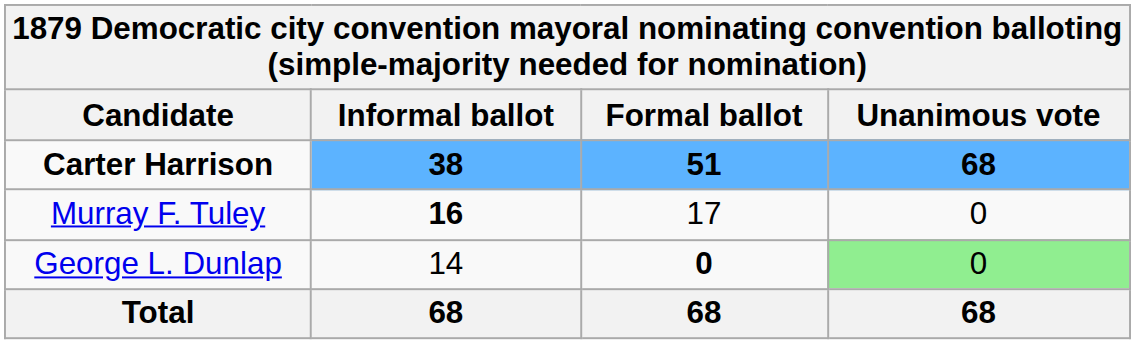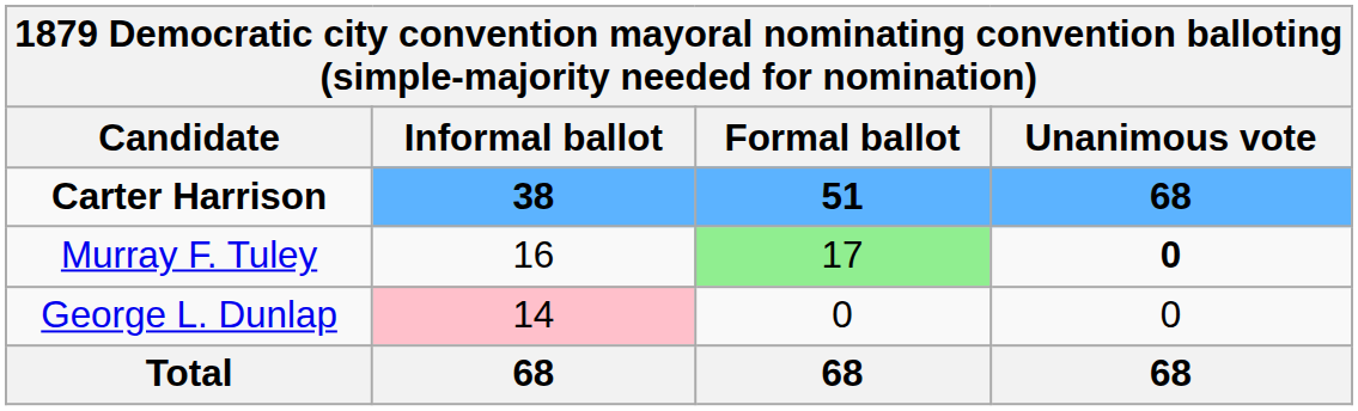 <table class="wikitable sortable" style="text-align:center">
 <tr>
 <th colspan="8"><strong>1879 Democratic city convention mayoral nominating convention balloting<br>(simple-majority needed for nomination)</strong></th>
 </tr>
 <tr>
 <th>Candidate</th>
 <th>Informal ballot</th>
 <th>Formal ballot</th>
 <th>Unanimous vote</th>
 </tr>
 <tr>
 <td><strong>Carter Harrison</strong></td>
 <td style="background:#5cb3ff"><strong>38</strong></td>
 <td style="background:#5cb3ff"><strong>51</strong></td>
 <td style="background:#5cb3ff"><strong>68</strong></td>
 </tr>
 <tr>
 <td><a href='#'>Murray F. Tuley</a></td>
-<td><strong>16</strong></td>
-<td>17</td>
-<td>0</td>
+<td>16</td>
+<td style="background: lightgreen;">17</td>
+<td><strong>0</strong></td>
 </tr>
 <tr>
 <td><a href='#'>George L. Dunlap</a></td>
-<td>14</td>
-<td><strong>0</strong></td>
-<td style="background: lightgreen;">0</td>
+<td style="background: pink;">14</td>
+<td>0</td>
+<td>0</td>
 </tr>
 <tr>
 <th>Total</th>
 <th>68</th>
 <th>68</th>
 <th>68</th>
 </tr>
 </table>
